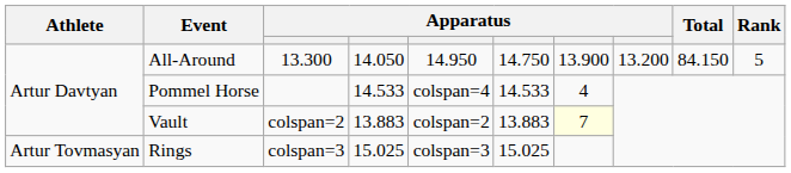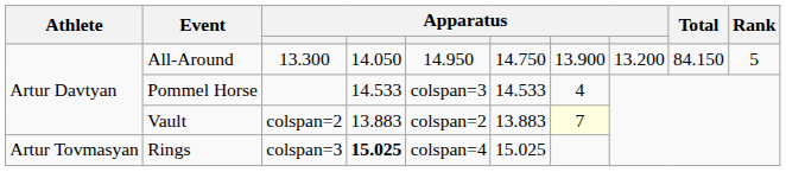 <table class="wikitable" style="font-size:90%">
 <tr>
 <th rowspan=2>Athlete</th>
 <th rowspan=2>Event</th>
 <th colspan=6>Apparatus</th>
 <th rowspan=2>Total</th>
 <th rowspan=2>Rank</th>
 </tr>
 <tr style="font-size:95%">
 <th></th>
 <th></th>
 <th></th>
 <th></th>
 <th></th>
 <th></th>
 </tr>
 <tr align=center>
 <td align=left rowspan=3>Artur Davtyan</td>
 <td align=left>All-Around</td>
 <td>13.300</td>
 <td>14.050</td>
 <td>14.950</td>
 <td>14.750</td>
 <td>13.900</td>
 <td>13.200</td>
 <td>84.150</td>
 <td>5</td>
 </tr>
 <tr align=center>
 <td align=left>Pommel Horse</td>
 <td></td>
 <td>14.533</td>
-<td>colspan=4 </td>
+<td>colspan=3 </td>
 <td>14.533</td>
 <td>4</td>
 </tr>
 <tr align=center>
 <td align=left>Vault</td>
 <td>colspan=2 </td>
 <td>13.883</td>
 <td>colspan=2 </td>
 <td>13.883</td>
 <td style="background: lightyellow;">7</td>
 </tr>
 <tr align=center>
 <td align=left>Artur Tovmasyan</td>
 <td align=left>Rings</td>
 <td>colspan=3 </td>
-<td>15.025</td>
-<td>colspan=3 </td>
+<td><strong>15.025</strong></td>
+<td>colspan=4 </td>
 <td>15.025</td>
 <td></td>
 </tr>
 </table>
